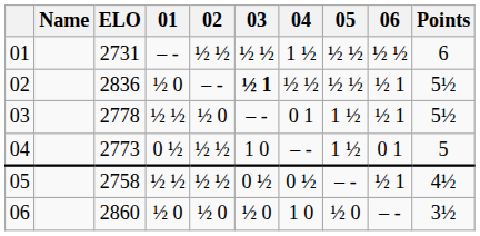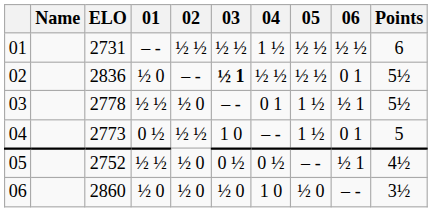 <table class="wikitable" style="text-align:center;">
 <tr>
 <th></th>
 <th>Name</th>
 <th>ELO</th>
 <th>01</th>
 <th>02</th>
 <th>03</th>
 <th>04</th>
 <th>05</th>
 <th>06</th>
 <th>Points</th>
 </tr>
 <tr>
 <td>01</td>
 <td style="text-align:left;" data-sort-value="Giri"></td>
 <td>2731</td>
 <td>– -</td>
 <td>½ ½</td>
 <td>½ ½</td>
 <td>1 ½</td>
 <td>½ ½</td>
 <td>½ ½</td>
 <td>6</td>
 </tr>
 <tr>
 <td>02</td>
 <td style="text-align:left;" data-sort-value="Ding"></td>
 <td>2836</td>
 <td>½ 0</td>
 <td>– -</td>
 <td><strong>½ 1</strong></td>
 <td>½ ½</td>
 <td>½ ½</td>
-<td>½ 1</td>
+<td>0 1</td>
 <td>5½</td>
 </tr>
 <tr>
 <td>03</td>
 <td style="text-align:left;" data-sort-value="Nepomniachtchi"></td>
 <td>2778</td>
 <td>½ ½</td>
 <td>½ 0</td>
 <td>– -</td>
 <td>0 1</td>
 <td>1 ½</td>
 <td>½ 1</td>
 <td>5½</td>
 </tr>
 <tr>
 <td>04</td>
 <td style="text-align:left;" data-sort-value="Caruana"></td>
 <td>2773</td>
 <td>0 ½</td>
 <td>½ ½</td>
 <td>1 0</td>
 <td>– -</td>
 <td>1 ½</td>
 <td>0 1</td>
 <td>5</td>
 </tr>
 <tr>
 <td style="border-top: 2px solid #000000;">05</td>
 <td style="text-align:left; border-top: 2px solid #000000;" data-sort-value="Radjabov"></td>
-<td style="border-top: 2px solid #000000;">2758</td>
+<td style="border-top: 2px solid #000000;">2752</td>
 <td style="border-top: 2px solid #000000;">½ ½</td>
-<td style="border-top: 2px solid #000000;">½ ½</td>
+<td>½ 0</td>
 <td style="border-top: 2px solid #000000;">0 ½</td>
 <td style="border-top: 2px solid #000000;">0 ½</td>
 <td style="border-top: 2px solid #000000;">– -</td>
 <td style="border-top: 2px solid #000000;">½ 1</td>
 <td style="border-top: 2px solid #000000;">4½</td>
 </tr>
 <tr>
 <td>06</td>
 <td style="text-align:left;" data-sort-value="MVL"></td>
 <td>2860</td>
 <td>½ 0</td>
 <td>½ 0</td>
 <td>½ 0</td>
 <td>1 0</td>
 <td>½ 0</td>
 <td>– -</td>
 <td>3½</td>
 </tr>
 </table>
